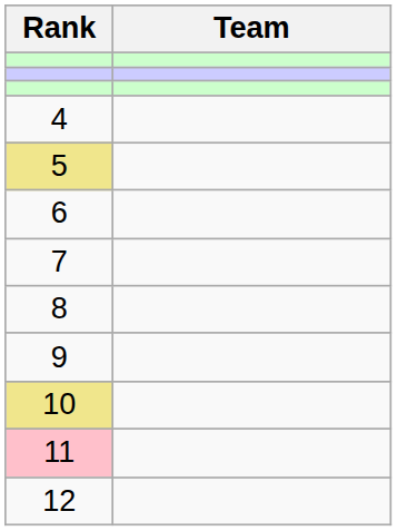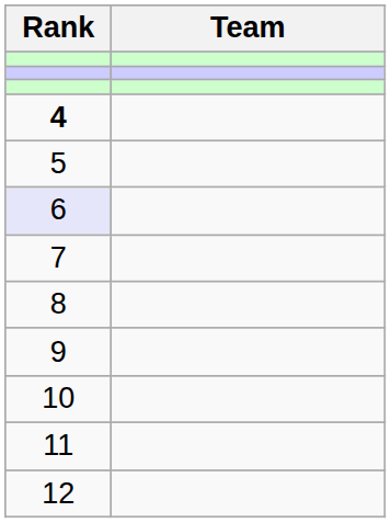 <table class="wikitable" style="text-align: center;">
 <tr>
 <th width=50>Rank</th>
 <th width=140>Team</th>
 </tr>
 <tr bgcolor=#cfc>
 <td></td>
 <td align=left></td>
 </tr>
 <tr bgcolor=#ccf>
 <td></td>
 <td align=left></td>
 </tr>
 <tr bgcolor=#cfc>
 <td></td>
 <td align=left></td>
 </tr>
 <tr>
-<td>4</td>
+<td><strong>4</strong></td>
 <td align=left></td>
 </tr>
 <tr>
-<td style="background: khaki;">5</td>
+<td>5</td>
 <td align=left></td>
 </tr>
 <tr>
-<td>6</td>
+<td style="background: lavender;">6</td>
 <td align=left></td>
 </tr>
 <tr>
 <td>7</td>
 <td align=left></td>
 </tr>
 <tr>
 <td>8</td>
 <td align=left></td>
 </tr>
 <tr>
 <td>9</td>
 <td align=left></td>
 </tr>
 <tr>
-<td style="background: khaki;">10</td>
+<td>10</td>
 <td align=left></td>
 </tr>
 <tr>
-<td style="background: pink;">11</td>
+<td>11</td>
 <td align=left></td>
 </tr>
 <tr>
 <td>12</td>
 <td align=left></td>
 </tr>
 </table>
